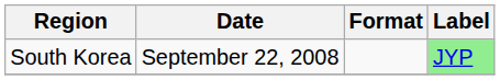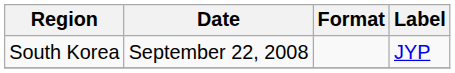 <table class="wikitable">
 <tr>
 <th>Region</th>
 <th>Date</th>
 <th>Format</th>
 <th>Label</th>
 </tr>
 <tr>
 <td>South Korea</td>
 <td>September 22, 2008</td>
 <td></td>
-<td style="background: lightgreen;"><a href='#'>JYP</a></td>
+<td><a href='#'>JYP</a></td>
 </tr>
 <tr>
 </tr>
 </table>
